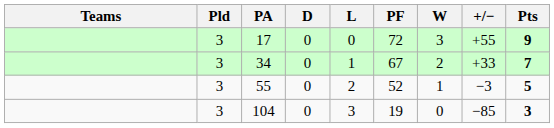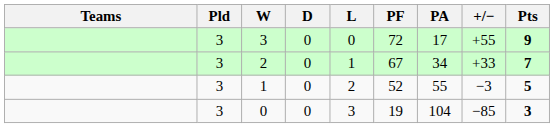 <table class="wikitable" style="text-align: center;">
 <tr>
 <th style="width:200px;">Teams</th>
 <th width="40">Pld</th>
-<th width="40">PA</th>
+<th width="40">W</th>
 <th width="40">D</th>
 <th width="40">L</th>
 <th width="40">PF</th>
-<th width="40">W</th>
+<th width="40">PA</th>
 <th width="40">+/−</th>
 <th width="40">Pts</th>
 </tr>
 <tr style="background:#cfc;">
 <td align=left></td>
 <td>3</td>
-<td>17</td>
+<td>3</td>
 <td>0</td>
 <td>0</td>
 <td>72</td>
-<td>3</td>
+<td>17</td>
 <td>+55</td>
 <td><strong>9</strong></td>
 </tr>
 <tr style="background:#cfc;">
 <td align=left></td>
 <td>3</td>
-<td>34</td>
+<td>2</td>
 <td>0</td>
 <td>1</td>
 <td>67</td>
-<td>2</td>
+<td>34</td>
 <td>+33</td>
 <td><strong>7</strong></td>
 </tr>
 <tr>
 <td align=left></td>
 <td>3</td>
-<td>55</td>
+<td>1</td>
 <td>0</td>
 <td>2</td>
 <td>52</td>
-<td>1</td>
+<td>55</td>
 <td>−3</td>
 <td><strong>5</strong></td>
 </tr>
 <tr>
 <td align=left></td>
 <td>3</td>
-<td>104</td>
+<td>0</td>
 <td>0</td>
 <td>3</td>
 <td>19</td>
-<td>0</td>
+<td>104</td>
 <td>−85</td>
 <td><strong>3</strong></td>
 </tr>
 </table>
